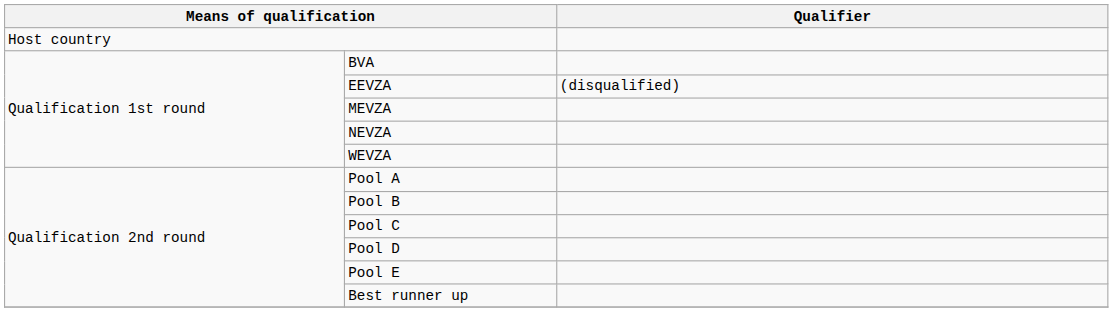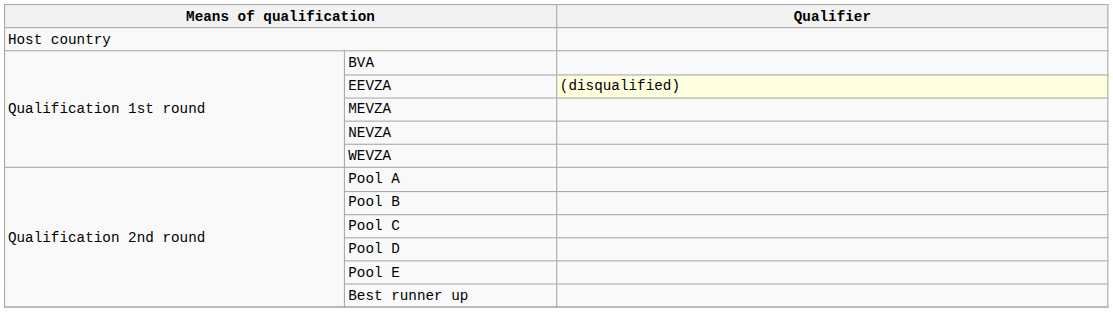 <table class="wikitable">
 <tr>
 <th colspan=2 width=30%>Means of qualification</th>
 <th width=30%>Qualifier</th>
 </tr>
 <tr>
 <td colspan=2>Host country</td>
 <td></td>
 </tr>
 <tr>
 <td rowspan=5>Qualification 1st round</td>
 <td>BVA</td>
 <td></td>
 </tr>
 <tr>
 <td>EEVZA</td>
-<td> (disqualified)<br></td>
+<td style="background: lightyellow;"> (disqualified)<br></td>
 </tr>
 <tr>
 <td>MEVZA</td>
 <td></td>
 </tr>
 <tr>
 <td>NEVZA</td>
 <td></td>
 </tr>
 <tr>
 <td>WEVZA</td>
 <td></td>
 </tr>
 <tr>
 <td rowspan=6>Qualification 2nd round</td>
 <td>Pool A</td>
 <td></td>
 </tr>
 <tr>
 <td>Pool B</td>
 <td></td>
 </tr>
 <tr>
 <td>Pool C</td>
 <td></td>
 </tr>
 <tr>
 <td>Pool D</td>
 <td></td>
 </tr>
 <tr>
 <td>Pool E</td>
 <td></td>
 </tr>
 <tr>
 <td>Best runner up</td>
 <td></td>
 </tr>
 <tr>
 </tr>
 </table>
